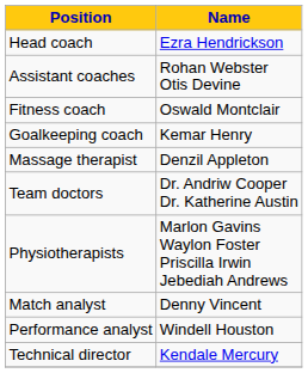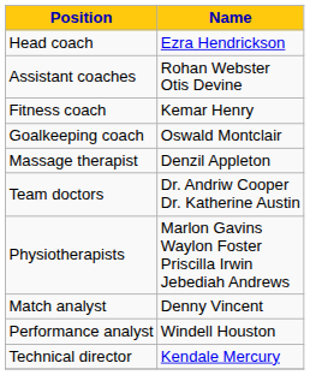 <table class="wikitable">
 <tr>
 <th style="color:#0000B8;background:#FFC90E">Position</th>
 <th style="color:#0000B8;background:#FFC90E">Name</th>
 </tr>
 <tr>
 <td>Head coach</td>
 <td> <a href='#'>Ezra Hendrickson</a></td>
 </tr>
 <tr>
 <td>Assistant coaches</td>
 <td> Rohan Webster<br> Otis Devine</td>
 </tr>
 <tr>
 <td>Fitness coach</td>
-<td> Oswald Montclair</td>
+<td> Kemar Henry</td>
 </tr>
 <tr>
 <td>Goalkeeping coach</td>
-<td> Kemar Henry</td>
+<td> Oswald Montclair</td>
 </tr>
 <tr>
 <td>Massage therapist</td>
 <td> Denzil Appleton</td>
 </tr>
 <tr>
 <td>Team doctors</td>
 <td> Dr. Andriw Cooper<br> Dr. Katherine Austin</td>
 </tr>
 <tr>
 <td>Physiotherapists</td>
 <td> Marlon Gavins<br> Waylon Foster<br> Priscilla Irwin<br> Jebediah Andrews</td>
 </tr>
 <tr>
 <td>Match analyst</td>
 <td> Denny Vincent</td>
 </tr>
 <tr>
 <td>Performance analyst</td>
 <td> Windell Houston</td>
 </tr>
 <tr>
 <td>Technical director</td>
 <td> <a href='#'>Kendale Mercury</a></td>
 </tr>
 <tr>
 </tr>
 </table>
